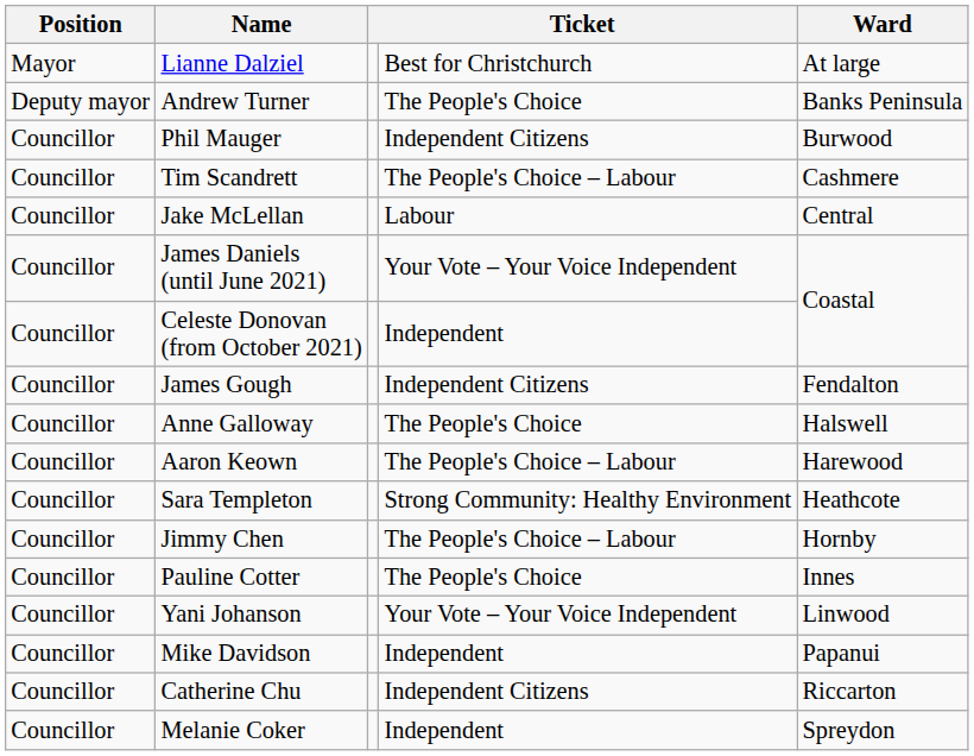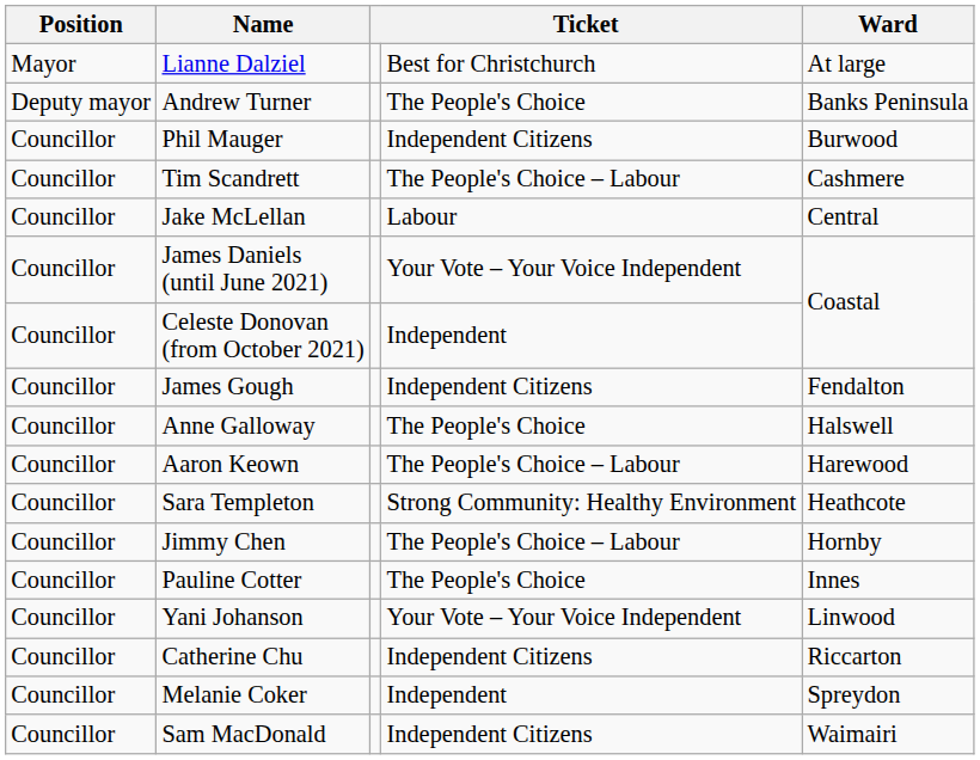 <table class="wikitable" border="1">
 <tr>
 <th>Position</th>
 <th>Name</th>
 <th Colspan=2>Ticket</th>
 <th>Ward</th>
 </tr>
 <tr>
 <td>Mayor</td>
 <td><a href='#'>Lianne Dalziel</a></td>
 <td></td>
 <td>Best for Christchurch</td>
 <td>At large</td>
 </tr>
 <tr>
 <td>Deputy mayor</td>
 <td>Andrew Turner</td>
 <td></td>
 <td>The People's Choice</td>
 <td>Banks Peninsula</td>
 </tr>
 <tr>
 <td>Councillor</td>
 <td>Phil Mauger</td>
 <td></td>
 <td>Independent Citizens</td>
 <td>Burwood</td>
 </tr>
 <tr>
 <td>Councillor</td>
 <td>Tim Scandrett</td>
 <td></td>
 <td>The People's Choice – Labour</td>
 <td>Cashmere</td>
 </tr>
 <tr>
 <td>Councillor</td>
 <td>Jake McLellan</td>
 <td></td>
 <td>Labour</td>
 <td>Central</td>
 </tr>
 <tr>
 <td>Councillor</td>
 <td>James Daniels<br>(until June 2021)</td>
 <td></td>
 <td>Your Vote – Your Voice Independent</td>
 <td rowspan=2>Coastal</td>
 </tr>
 <tr>
 <td>Councillor</td>
 <td>Celeste Donovan<br>(from October 2021)</td>
 <td></td>
 <td>Independent</td>
 </tr>
 <tr>
 <td>Councillor</td>
 <td>James Gough</td>
 <td></td>
 <td>Independent Citizens</td>
 <td>Fendalton</td>
 </tr>
 <tr>
 <td>Councillor</td>
 <td>Anne Galloway</td>
 <td></td>
 <td>The People's Choice</td>
 <td>Halswell</td>
 </tr>
 <tr>
 <td>Councillor</td>
 <td>Aaron Keown</td>
 <td></td>
 <td>The People's Choice – Labour</td>
 <td>Harewood</td>
 </tr>
 <tr>
 <td>Councillor</td>
 <td>Sara Templeton</td>
 <td></td>
 <td>Strong Community: Healthy Environment</td>
 <td>Heathcote</td>
 </tr>
 <tr>
 <td>Councillor</td>
 <td>Jimmy Chen</td>
 <td></td>
 <td>The People's Choice – Labour</td>
 <td>Hornby</td>
 </tr>
 <tr>
 <td>Councillor</td>
 <td>Pauline Cotter</td>
 <td></td>
 <td>The People's Choice</td>
 <td>Innes</td>
 </tr>
 <tr>
 <td>Councillor</td>
 <td>Yani Johanson</td>
 <td></td>
 <td>Your Vote – Your Voice Independent</td>
 <td>Linwood</td>
 </tr>
 <tr>
 <td>Councillor</td>
-<td>Mike Davidson</td>
-<td></td>
-<td>Independent</td>
-<td>Papanui</td>
-</tr>
-<tr>
-<td>Councillor</td>
 <td>Catherine Chu</td>
 <td></td>
 <td>Independent Citizens</td>
 <td>Riccarton</td>
 </tr>
 <tr>
 <td>Councillor</td>
 <td>Melanie Coker</td>
 <td></td>
 <td>Independent</td>
 <td>Spreydon</td>
 </tr>
+<tr>
+<td>Councillor</td>
+<td>Sam MacDonald</td>
+<td></td>
+<td>Independent Citizens</td>
+<td>Waimairi</td>
+</tr>
 </table>
